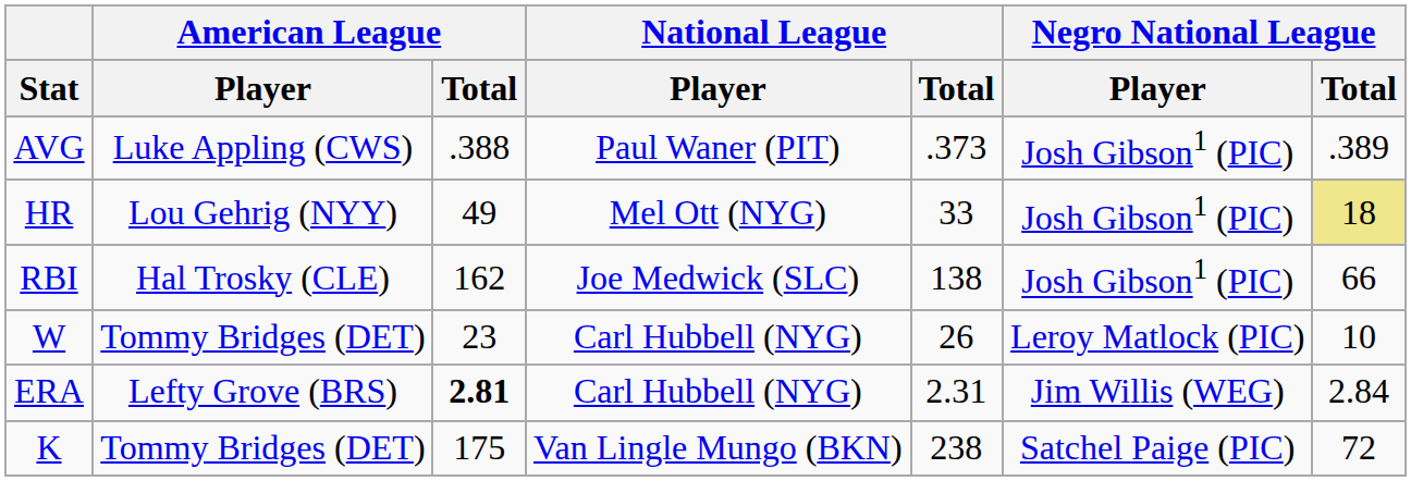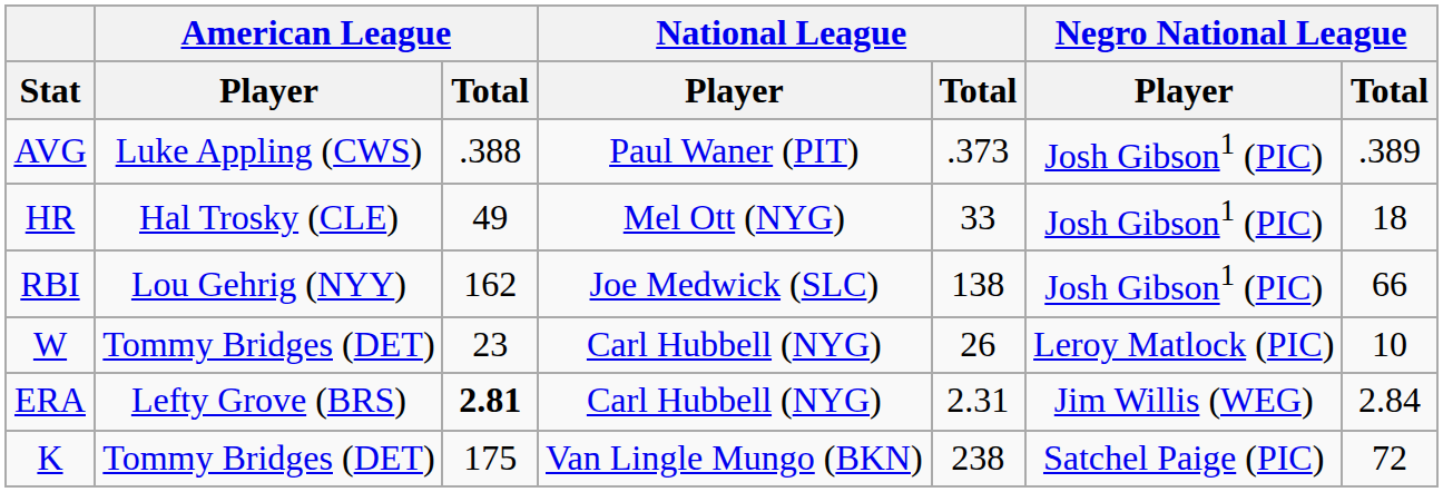 <table class="wikitable" style="text-align:center;">
 <tr>
 <th></th>
 <th colspan="2"><a href='#'>American League</a></th>
 <th colspan="2"><a href='#'>National League</a></th>
 <th colspan="2"><a href='#'>Negro National League</a></th>
 </tr>
 <tr>
 <th>Stat</th>
 <th>Player</th>
 <th>Total</th>
 <th>Player</th>
 <th>Total</th>
 <th>Player</th>
 <th>Total</th>
 </tr>
 <tr>
 <td><a href='#'>AVG</a></td>
 <td><a href='#'>Luke Appling</a> (<a href='#'>CWS</a>)</td>
 <td>.388</td>
 <td><a href='#'>Paul Waner</a> (<a href='#'>PIT</a>)</td>
 <td>.373</td>
 <td><a href='#'>Josh Gibson</a><sup>1</sup> (<a href='#'>PIC</a>)</td>
 <td>.389</td>
 </tr>
 <tr>
 <td><a href='#'>HR</a></td>
-<td><a href='#'>Lou Gehrig</a> (<a href='#'>NYY</a>)</td>
+<td><a href='#'>Hal Trosky</a> (<a href='#'>CLE</a>)</td>
 <td>49</td>
 <td><a href='#'>Mel Ott</a> (<a href='#'>NYG</a>)</td>
 <td>33</td>
 <td><a href='#'>Josh Gibson</a><sup>1</sup> (<a href='#'>PIC</a>)</td>
-<td style="background: khaki;">18</td>
+<td>18</td>
 </tr>
 <tr>
 <td><a href='#'>RBI</a></td>
-<td><a href='#'>Hal Trosky</a> (<a href='#'>CLE</a>)</td>
+<td><a href='#'>Lou Gehrig</a> (<a href='#'>NYY</a>)</td>
 <td>162</td>
 <td><a href='#'>Joe Medwick</a> (<a href='#'>SLC</a>)</td>
 <td>138</td>
 <td><a href='#'>Josh Gibson</a><sup>1</sup> (<a href='#'>PIC</a>)</td>
 <td>66</td>
 </tr>
 <tr>
 <td><a href='#'>W</a></td>
 <td><a href='#'>Tommy Bridges</a> (<a href='#'>DET</a>)</td>
 <td>23</td>
 <td><a href='#'>Carl Hubbell</a> (<a href='#'>NYG</a>)</td>
 <td>26</td>
 <td><a href='#'>Leroy Matlock</a> (<a href='#'>PIC</a>)</td>
 <td>10</td>
 </tr>
 <tr>
 <td><a href='#'>ERA</a></td>
 <td><a href='#'>Lefty Grove</a> (<a href='#'>BRS</a>)</td>
 <td><strong>2.81</strong></td>
 <td><a href='#'>Carl Hubbell</a> (<a href='#'>NYG</a>)</td>
 <td>2.31</td>
 <td><a href='#'>Jim Willis</a> (<a href='#'>WEG</a>)</td>
 <td>2.84</td>
 </tr>
 <tr>
 <td><a href='#'>K</a></td>
 <td><a href='#'>Tommy Bridges</a> (<a href='#'>DET</a>)</td>
 <td>175</td>
 <td><a href='#'>Van Lingle Mungo</a> (<a href='#'>BKN</a>)</td>
 <td>238</td>
 <td><a href='#'>Satchel Paige</a> (<a href='#'>PIC</a>)</td>
 <td>72</td>
 </tr>
 </table>
